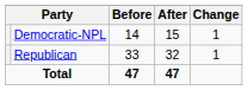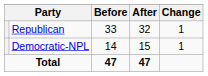 <table class="wikitable" style="text-align:center;">
 <tr>
 </tr>
 <tr>
 <th colspan=2>Party</th>
 <th>Before</th>
 <th>After</th>
 <th>Change</th>
 </tr>
 <tr>
 <th style="background-color:"></th>
-<td style="text-align:left;"><a href='#'>Democratic-NPL</a></td>
-<td>14</td>
-<td>15</td>
+<td style="text-align:left;"><a href='#'>Republican</a></td>
+<td>33</td>
+<td>32</td>
 <td> 1</td>
 </tr>
 <tr>
 <th style="background-color:"></th>
-<td style="text-align:left;"><a href='#'>Republican</a></td>
-<td>33</td>
-<td>32</td>
+<td style="text-align:left;"><a href='#'>Democratic-NPL</a></td>
+<td>14</td>
+<td>15</td>
 <td> 1</td>
 </tr>
 <tr>
 <td colspan=2><strong>Total</strong></td>
 <td><strong>47</strong></td>
 <td><strong>47</strong></td>
 <td></td>
 </tr>
 </table>
